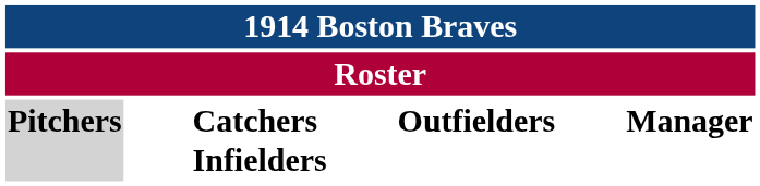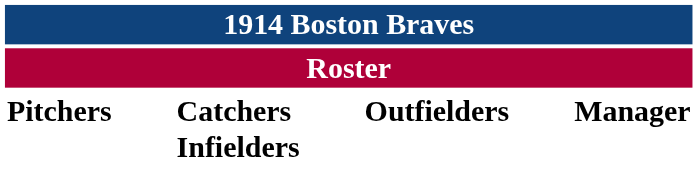 <table class="toccolours" style="font-size: 95%;">
 <tr>
 <th colspan="10" style="background-color: #0f437c; color: white; text-align: center;">1914 Boston Braves</th>
 </tr>
 <tr>
 <td colspan="10" style="background-color: #af0039; color: white; text-align: center;"><strong>Roster</strong></td>
 </tr>
 <tr>
-<td valign="top" style="background: lightgrey;"><strong>Pitchers</strong><br>           </td>
+<td valign="top"><strong>Pitchers</strong><br>           </td>
 <td width="25px"></td>
 <td valign="top"><strong>Catchers</strong><br>   <strong>Infielders</strong>        </td>
 <td width="25px"></td>
 <td valign="top"><strong>Outfielders</strong><br>          </td>
 <td width="25px"></td>
 <td valign="top"><strong>Manager</strong><br></td>
 </tr>
 </table>
